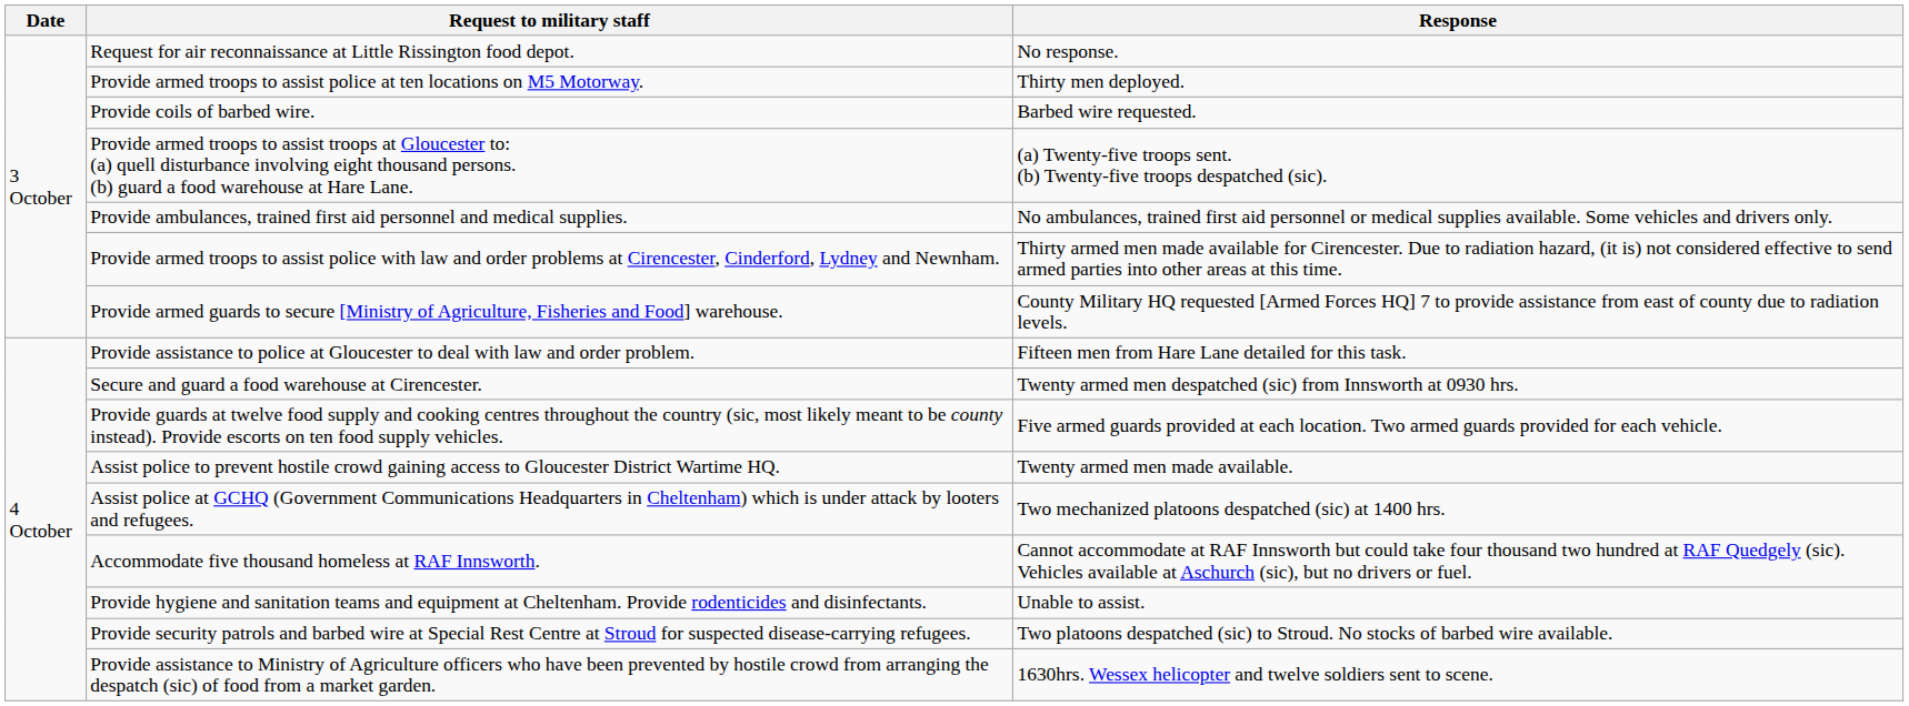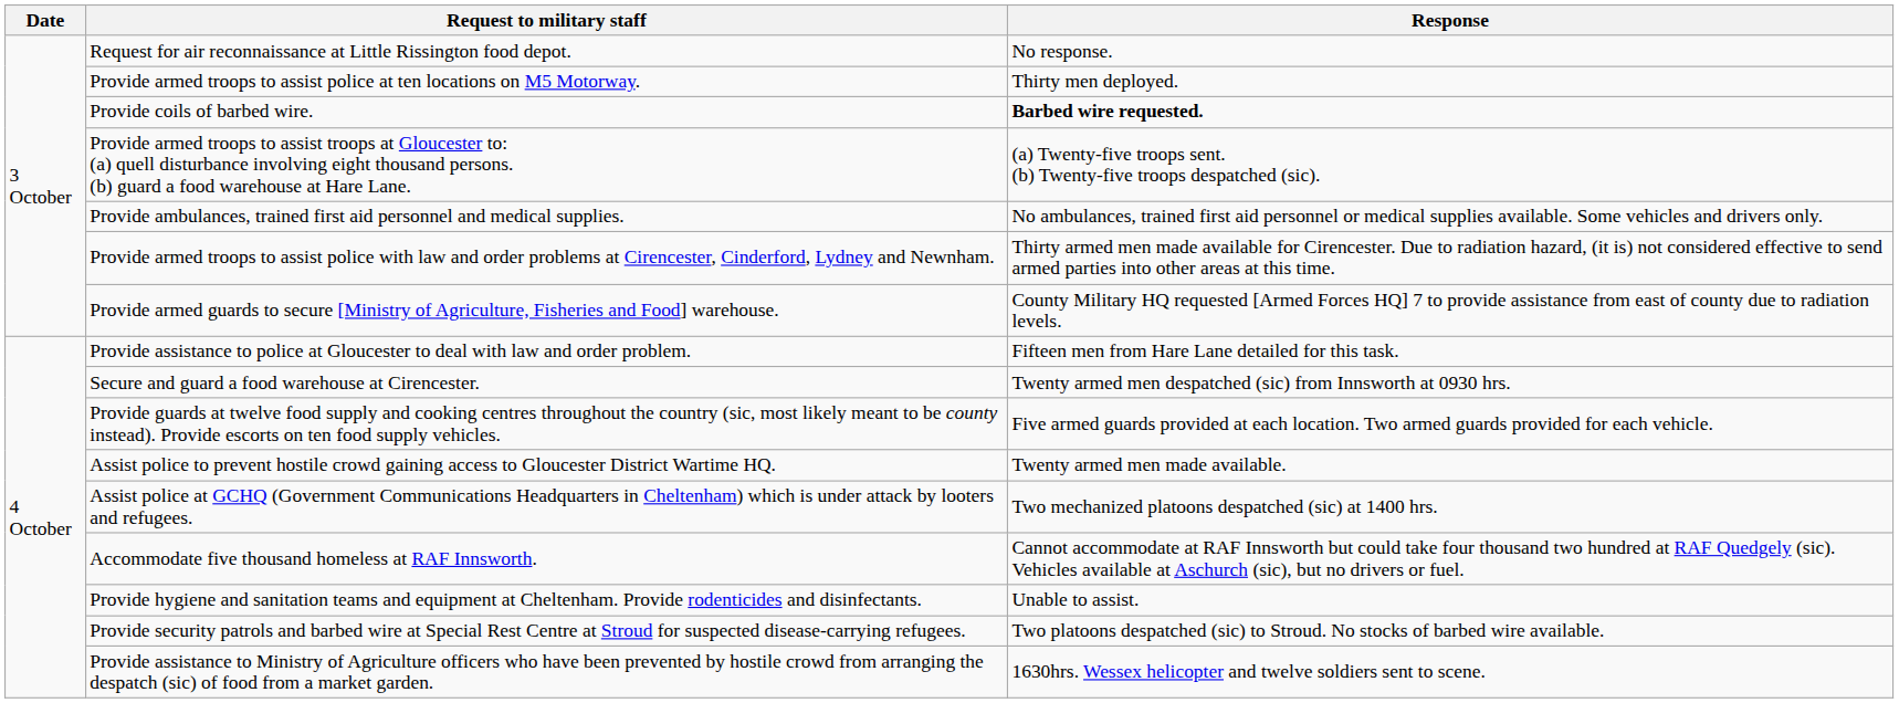 <table class="wikitable">
 <tr>
 <th>Date</th>
 <th>Request to military staff</th>
 <th>Response</th>
 </tr>
 <tr>
 <td rowspan="7">3 October</td>
 <td>Request for air reconnaissance at Little Rissington food depot.</td>
 <td>No response.</td>
 </tr>
 <tr>
 <td>Provide armed troops to assist police at ten locations on <a href='#'>M5 Motorway</a>.</td>
 <td>Thirty men deployed.</td>
 </tr>
 <tr>
 <td>Provide coils of barbed wire.</td>
-<td>Barbed wire requested.</td>
+<td><strong>Barbed wire requested.</strong></td>
 </tr>
 <tr>
 <td>Provide armed troops to assist troops at <a href='#'>Gloucester</a> to:<br>(a) quell disturbance involving eight thousand persons.<br>(b) guard a food warehouse at Hare Lane.</td>
 <td>(a) Twenty-five troops sent.<br>(b) Twenty-five troops despatched (sic).</td>
 </tr>
 <tr>
 <td>Provide ambulances, trained first aid personnel and medical supplies.</td>
 <td>No ambulances, trained first aid personnel or medical supplies available. Some vehicles and drivers only.</td>
 </tr>
 <tr>
 <td>Provide armed troops to assist police with law and order problems at <a href='#'>Cirencester</a>, <a href='#'>Cinderford</a>, <a href='#'>Lydney</a> and Newnham.</td>
 <td>Thirty armed men made available for Cirencester. Due to radiation hazard, (it is) not considered effective to send armed parties into other areas at this time.</td>
 </tr>
 <tr>
 <td>Provide armed guards to secure <a href='#'>[Ministry of Agriculture, Fisheries and Food</a>] warehouse.</td>
 <td>County Military HQ requested [Armed Forces HQ] 7 to provide assistance from east of county due to radiation levels.</td>
 </tr>
 <tr>
 <td rowspan="9">4 October</td>
 <td>Provide assistance to police at Gloucester to deal with law and order problem.</td>
 <td>Fifteen men from Hare Lane detailed for this task.</td>
 </tr>
 <tr>
 <td>Secure and guard a food warehouse at Cirencester.</td>
 <td>Twenty armed men despatched (sic) from Innsworth at 0930 hrs.</td>
 </tr>
 <tr>
 <td>Provide guards at twelve food supply and cooking centres throughout the country (sic, most likely meant to be <em>county</em> instead). Provide escorts on ten food supply vehicles.</td>
 <td>Five armed guards provided at each location. Two armed guards provided for each vehicle.</td>
 </tr>
 <tr>
 <td>Assist police to prevent hostile crowd gaining access to Gloucester District Wartime HQ.</td>
 <td>Twenty armed men made available.</td>
 </tr>
 <tr>
 <td>Assist police at <a href='#'>GCHQ</a> (Government Communications Headquarters in <a href='#'>Cheltenham</a>) which is under attack by looters and refugees.</td>
 <td>Two mechanized platoons despatched (sic) at 1400 hrs.</td>
 </tr>
 <tr>
 <td>Accommodate five thousand homeless at <a href='#'>RAF Innsworth</a>.</td>
 <td>Cannot accommodate at RAF Innsworth but could take four thousand two hundred at <a href='#'>RAF Quedgely</a> (sic). Vehicles available at <a href='#'>Aschurch</a> (sic), but no drivers or fuel.</td>
 </tr>
 <tr>
 <td>Provide hygiene and sanitation teams and equipment at Cheltenham. Provide <a href='#'>rodenticides</a> and disinfectants.</td>
 <td>Unable to assist.</td>
 </tr>
 <tr>
 <td>Provide security patrols and barbed wire at Special Rest Centre at <a href='#'>Stroud</a> for suspected disease-carrying refugees.</td>
 <td>Two platoons despatched (sic) to Stroud. No stocks of barbed wire available.</td>
 </tr>
 <tr>
 <td>Provide assistance to Ministry of Agriculture officers who have been prevented by hostile crowd from arranging the despatch (sic) of food from a market garden.</td>
 <td>1630hrs. <a href='#'>Wessex helicopter</a> and twelve soldiers sent to scene.</td>
 </tr>
 </table>
